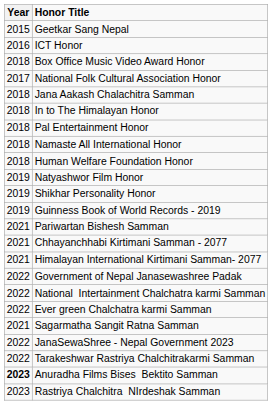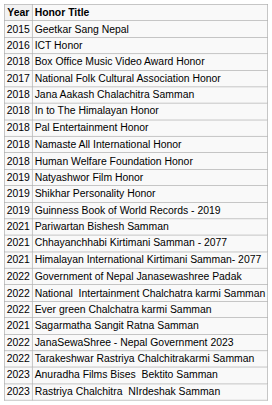 <table class="wikitable">
 <tr>
 <th>Year</th>
 <td><strong>Honor Title</strong></td>
 </tr>
 <tr>
 <td>2015</td>
 <td>Geetkar Sang Nepal</td>
 </tr>
 <tr>
 <td>2016</td>
 <td>ICT Honor</td>
 </tr>
 <tr>
 <td>2018</td>
 <td>Box Office Music Video Award Honor</td>
 </tr>
 <tr>
 <td>2017</td>
 <td>National Folk Cultural Association Honor</td>
 </tr>
 <tr>
 <td>2018</td>
 <td>Jana Aakash Chalachitra Samman</td>
 </tr>
 <tr>
 <td>2018</td>
 <td>In to The Himalayan Honor</td>
 </tr>
 <tr>
 <td>2018</td>
 <td>Pal Entertainment Honor</td>
 </tr>
 <tr>
 <td>2018</td>
 <td>Namaste All International Honor</td>
 </tr>
 <tr>
 <td>2018</td>
 <td>Human Welfare Foundation Honor</td>
 </tr>
 <tr>
 <td>2019</td>
 <td>Natyashwor Film Honor</td>
 </tr>
 <tr>
 <td>2019</td>
 <td>Shikhar Personality Honor</td>
 </tr>
 <tr>
 <td>2019</td>
 <td>Guinness Book of World Records - 2019</td>
 </tr>
 <tr>
 <td>2021</td>
 <td>Pariwartan Bishesh Samman</td>
 </tr>
 <tr>
 <td>2021</td>
 <td>Chhayanchhabi Kirtimani Samman - 2077</td>
 </tr>
 <tr>
 <td>2021</td>
 <td>Himalayan International Kirtimani Samman- 2077</td>
 </tr>
 <tr>
 <td>2022</td>
 <td>Government of Nepal Janasewashree Padak</td>
 </tr>
 <tr>
 <td>2022</td>
 <td>National  Intertainment Chalchatra karmi Samman</td>
 </tr>
 <tr>
 <td>2022</td>
 <td>Ever green Chalchatra karmi Samman</td>
 </tr>
 <tr>
 <td>2021</td>
 <td>Sagarmatha Sangit Ratna Samman</td>
 </tr>
 <tr>
 <td>2022</td>
 <td>JanaSewaShree - Nepal Government 2023</td>
 </tr>
 <tr>
 <td>2022</td>
 <td>Tarakeshwar Rastriya Chalchitrakarmi Samman</td>
 </tr>
 <tr>
-<td><strong>2023</strong></td>
+<td>2023</td>
 <td>Anuradha Films Bises  Bektito Samman</td>
 </tr>
 <tr>
 <td>2023</td>
 <td>Rastriya Chalchitra  NIrdeshak Samman</td>
 </tr>
 </table>
